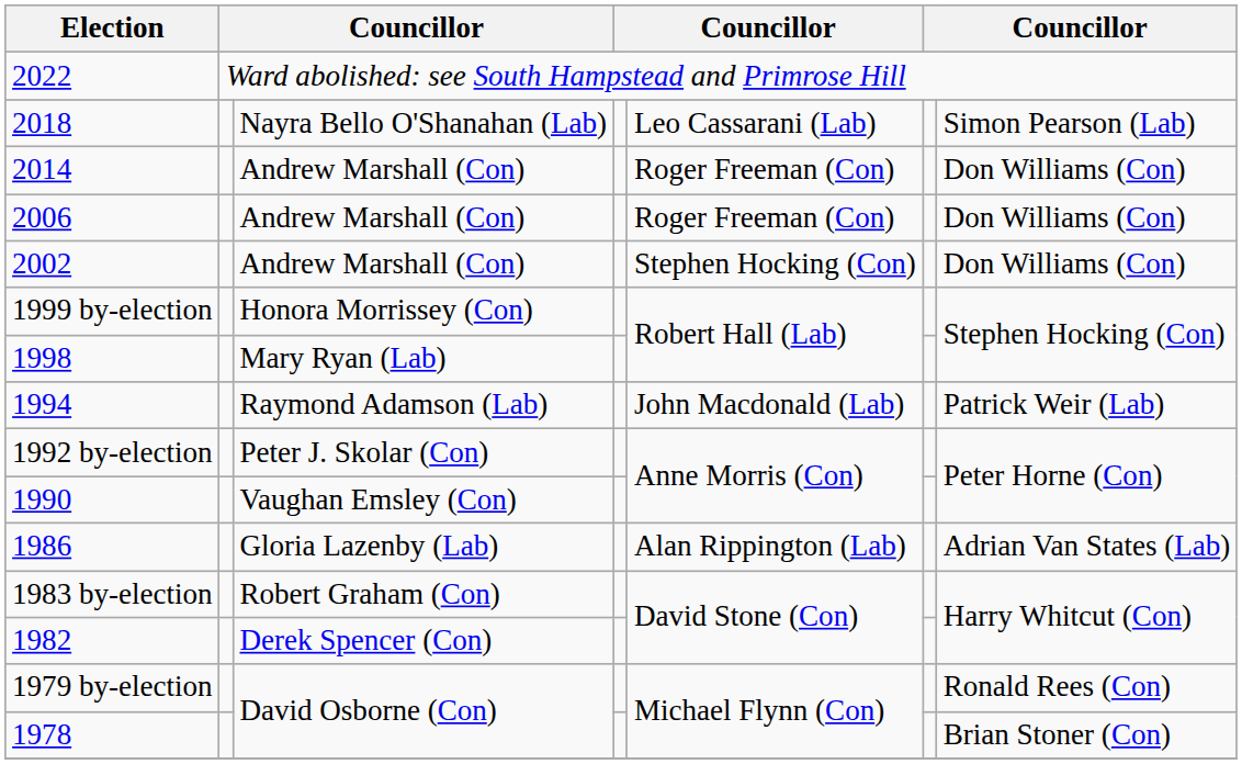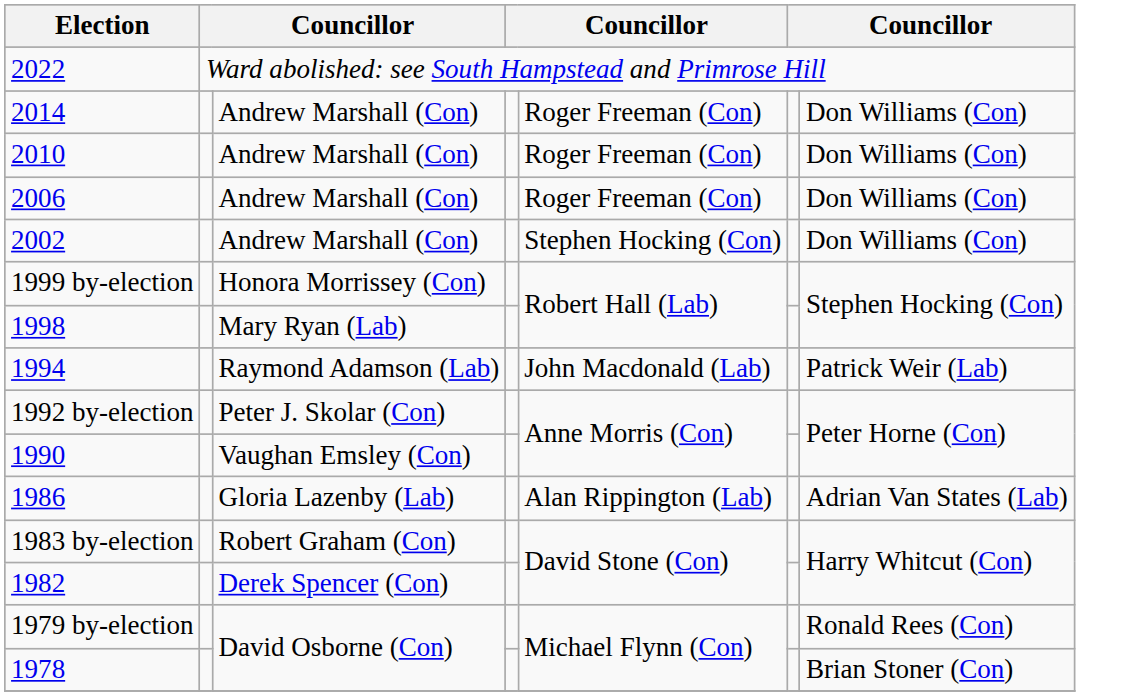 <table class="wikitable">
 <tr>
 <th>Election</th>
 <th colspan="2">Councillor</th>
 <th colspan="2">Councillor</th>
 <th colspan="2">Councillor</th>
 </tr>
 <tr>
 <td><a href='#'>2022</a></td>
 <td colspan="6"><em>Ward abolished: see <a href='#'>South Hampstead</a> and <a href='#'>Primrose Hill</a></em></td>
 </tr>
 <tr>
-<td><a href='#'>2018</a></td>
+<td><a href='#'>2014</a></td>
 <td style="background-color: "></td>
-<td>Nayra Bello O'Shanahan (<a href='#'>Lab</a>)</td>
+<td>Andrew Marshall (<a href='#'>Con</a>)</td>
 <td style="background-color: "></td>
-<td>Leo Cassarani (<a href='#'>Lab</a>)</td>
+<td>Roger Freeman (<a href='#'>Con</a>)</td>
 <td style="background-color: "></td>
-<td>Simon Pearson (<a href='#'>Lab</a>)</td>
+<td>Don Williams (<a href='#'>Con</a>)</td>
 </tr>
 <tr>
-<td><a href='#'>2014</a></td>
+<td><a href='#'>2010</a></td>
 <td style="background-color: "></td>
 <td>Andrew Marshall (<a href='#'>Con</a>)</td>
 <td style="background-color: "></td>
 <td>Roger Freeman (<a href='#'>Con</a>)</td>
 <td style="background-color: "></td>
 <td>Don Williams (<a href='#'>Con</a>)</td>
 </tr>
 <tr>
 <td><a href='#'>2006</a></td>
 <td style="background-color: "></td>
 <td>Andrew Marshall (<a href='#'>Con</a>)</td>
 <td style="background-color: "></td>
 <td>Roger Freeman (<a href='#'>Con</a>)</td>
 <td style="background-color: "></td>
 <td>Don Williams (<a href='#'>Con</a>)</td>
 </tr>
 <tr>
 <td><a href='#'>2002</a></td>
 <td style="background-color: "></td>
 <td>Andrew Marshall (<a href='#'>Con</a>)</td>
 <td style="background-color: "></td>
 <td>Stephen Hocking (<a href='#'>Con</a>)</td>
 <td style="background-color: "></td>
 <td>Don Williams (<a href='#'>Con</a>)</td>
 </tr>
 <tr>
 <td>1999 by-election</td>
 <td style="background-color: "></td>
 <td>Honora Morrissey (<a href='#'>Con</a>)</td>
 <td style="background-color: "></td>
 <td rowspan="2">Robert Hall (<a href='#'>Lab</a>)</td>
 <td style="background-color: "></td>
 <td rowspan="2">Stephen Hocking (<a href='#'>Con</a>)</td>
 </tr>
 <tr>
 <td><a href='#'>1998</a></td>
 <td style="background-color: "></td>
 <td>Mary Ryan (<a href='#'>Lab</a>)</td>
 <td style="background-color: "></td>
 <td style="background-color: "></td>
 </tr>
 <tr>
 <td><a href='#'>1994</a></td>
 <td style="background-color: "></td>
 <td>Raymond Adamson (<a href='#'>Lab</a>)</td>
 <td style="background-color: "></td>
 <td>John Macdonald (<a href='#'>Lab</a>)</td>
 <td style="background-color: "></td>
 <td>Patrick Weir (<a href='#'>Lab</a>)</td>
 </tr>
 <tr>
 <td>1992 by-election</td>
 <td style="background-color: "></td>
 <td>Peter J. Skolar (<a href='#'>Con</a>)</td>
 <td style="background-color: "></td>
 <td rowspan="2">Anne Morris (<a href='#'>Con</a>)</td>
 <td style="background-color: "></td>
 <td rowspan="2">Peter Horne (<a href='#'>Con</a>)</td>
 </tr>
 <tr>
 <td><a href='#'>1990</a></td>
 <td style="background-color: "></td>
 <td>Vaughan Emsley (<a href='#'>Con</a>)</td>
 <td style="background-color: "></td>
 <td style="background-color: "></td>
 </tr>
 <tr>
 <td><a href='#'>1986</a></td>
 <td style="background-color: "></td>
 <td>Gloria Lazenby (<a href='#'>Lab</a>)</td>
 <td style="background-color: "></td>
 <td>Alan Rippington (<a href='#'>Lab</a>)</td>
 <td style="background-color: "></td>
 <td>Adrian Van States (<a href='#'>Lab</a>)</td>
 </tr>
 <tr>
 <td>1983 by-election</td>
 <td style="background-color: "></td>
 <td>Robert Graham (<a href='#'>Con</a>)</td>
 <td style="background-color: "></td>
 <td rowspan="2">David Stone (<a href='#'>Con</a>)</td>
 <td style="background-color: "></td>
 <td rowspan="2">Harry Whitcut (<a href='#'>Con</a>)</td>
 </tr>
 <tr>
 <td><a href='#'>1982</a></td>
 <td style="background-color: "></td>
 <td><a href='#'>Derek Spencer</a> (<a href='#'>Con</a>)</td>
 <td style="background-color: "></td>
 <td style="background-color: "></td>
 </tr>
 <tr>
 <td>1979 by-election</td>
 <td style="background-color: "></td>
 <td rowspan="2">David Osborne (<a href='#'>Con</a>)</td>
 <td style="background-color: "></td>
 <td rowspan="2">Michael Flynn (<a href='#'>Con</a>)</td>
 <td style="background-color: "></td>
 <td>Ronald Rees (<a href='#'>Con</a>)</td>
 </tr>
 <tr>
 <td><a href='#'>1978</a></td>
 <td style="background-color: "></td>
 <td style="background-color: "></td>
 <td style="background-color: "></td>
 <td>Brian Stoner (<a href='#'>Con</a>)</td>
 </tr>
 <tr>
 </tr>
 </table>
